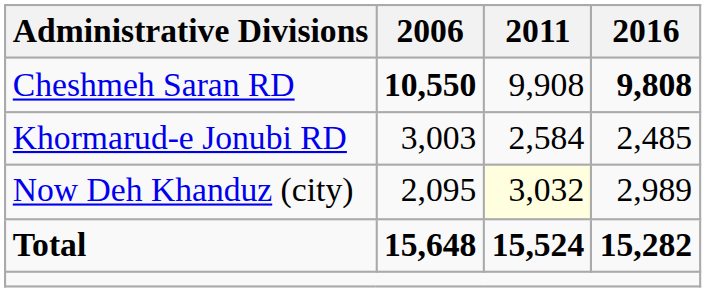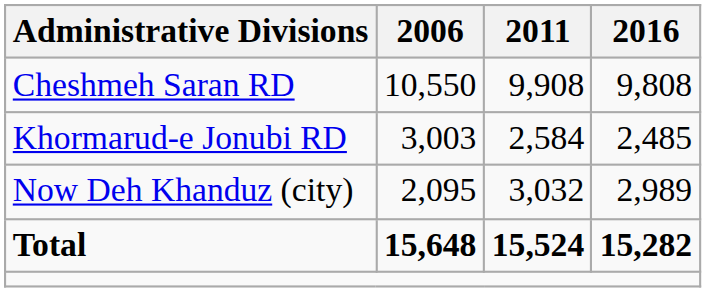 <table class="wikitable">
 <tr>
 <th>Administrative Divisions</th>
 <th>2006</th>
 <th>2011</th>
 <th>2016</th>
 </tr>
 <tr>
 <td><a href='#'>Cheshmeh Saran RD</a></td>
-<td style="text-align: right;"><strong>10,550</strong></td>
+<td style="text-align: right;">10,550</td>
 <td style="text-align: right;">9,908</td>
-<td style="text-align: right;"><strong>9,808</strong></td>
+<td style="text-align: right;">9,808</td>
 </tr>
 <tr>
 <td><a href='#'>Khormarud-e Jonubi RD</a></td>
 <td style="text-align: right;">3,003</td>
 <td style="text-align: right;">2,584</td>
 <td style="text-align: right;">2,485</td>
 </tr>
 <tr>
 <td><a href='#'>Now Deh Khanduz</a> (city)</td>
 <td style="text-align: right;">2,095</td>
-<td style="background: lightyellow; text-align: right;">3,032</td>
+<td style="text-align: right;">3,032</td>
 <td style="text-align: right;">2,989</td>
 </tr>
 <tr>
 <td><strong>Total</strong></td>
 <td style="text-align: right;"><strong>15,648</strong></td>
 <td style="text-align: right;"><strong>15,524</strong></td>
 <td style="text-align: right;"><strong>15,282</strong></td>
 </tr>
 <tr>
 <td colspan=4></td>
 </tr>
 </table>
